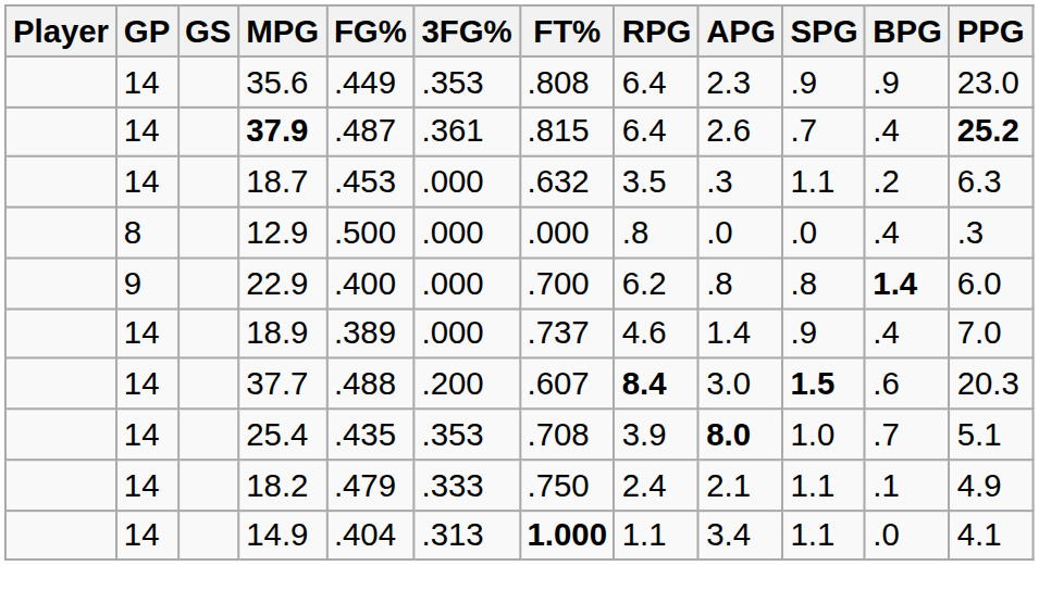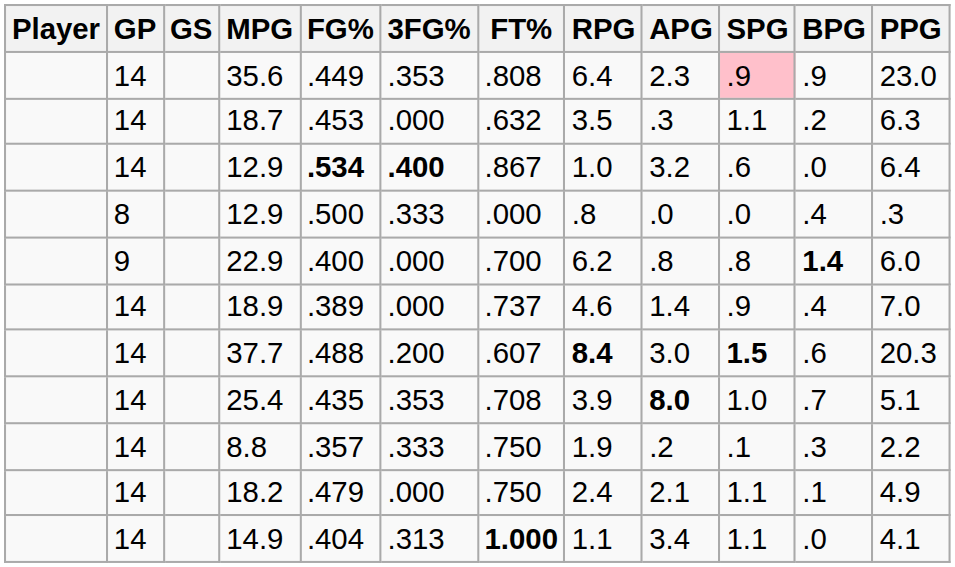 <table class="wikitable sortable" style="font-size: 90%">
 <tr>
 <th>Player</th>
 <th>GP</th>
 <th>GS</th>
 <th>MPG</th>
 <th>FG%</th>
 <th>3FG%</th>
 <th>FT%</th>
 <th>RPG</th>
 <th>APG</th>
 <th>SPG</th>
 <th>BPG</th>
 <th>PPG</th>
 </tr>
 <tr>
 <td></td>
 <td>14</td>
 <td></td>
 <td>35.6</td>
 <td>.449</td>
 <td>.353</td>
 <td>.808</td>
 <td>6.4</td>
 <td>2.3</td>
-<td>.9</td>
+<td style="background: pink;">.9</td>
 <td>.9</td>
 <td>23.0</td>
-</tr>
-<tr>
-<td></td>
-<td>14</td>
-<td></td>
-<td><strong>37.9</strong></td>
-<td>.487</td>
-<td>.361</td>
-<td>.815</td>
-<td>6.4</td>
-<td>2.6</td>
-<td>.7</td>
-<td>.4</td>
-<td><strong>25.2</strong></td>
 </tr>
 <tr>
 <td></td>
 <td>14</td>
 <td></td>
 <td>18.7</td>
 <td>.453</td>
 <td>.000</td>
 <td>.632</td>
 <td>3.5</td>
 <td>.3</td>
 <td>1.1</td>
 <td>.2</td>
 <td>6.3</td>
 </tr>
 <tr>
 <td></td>
+<td>14</td>
+<td></td>
+<td>12.9</td>
+<td><strong>.534</strong></td>
+<td><strong>.400</strong></td>
+<td>.867</td>
+<td>1.0</td>
+<td>3.2</td>
+<td>.6</td>
+<td>.0</td>
+<td>6.4</td>
+</tr>
+<tr>
+<td></td>
 <td>8</td>
 <td></td>
 <td>12.9</td>
 <td>.500</td>
-<td>.000</td>
+<td>.333</td>
 <td>.000</td>
 <td>.8</td>
 <td>.0</td>
 <td>.0</td>
 <td>.4</td>
 <td>.3</td>
 </tr>
 <tr>
 <td></td>
 <td>9</td>
 <td></td>
 <td>22.9</td>
 <td>.400</td>
 <td>.000</td>
 <td>.700</td>
 <td>6.2</td>
 <td>.8</td>
 <td>.8</td>
 <td><strong>1.4</strong></td>
 <td>6.0</td>
 </tr>
 <tr>
 <td></td>
 <td>14</td>
 <td></td>
 <td>18.9</td>
 <td>.389</td>
 <td>.000</td>
 <td>.737</td>
 <td>4.6</td>
 <td>1.4</td>
 <td>.9</td>
 <td>.4</td>
 <td>7.0</td>
 </tr>
 <tr>
 <td></td>
 <td>14</td>
 <td></td>
 <td>37.7</td>
 <td>.488</td>
 <td>.200</td>
 <td>.607</td>
 <td><strong>8.4</strong></td>
 <td>3.0</td>
 <td><strong>1.5</strong></td>
 <td>.6</td>
 <td>20.3</td>
 </tr>
 <tr>
 <td></td>
 <td>14</td>
 <td></td>
 <td>25.4</td>
 <td>.435</td>
 <td>.353</td>
 <td>.708</td>
 <td>3.9</td>
 <td><strong>8.0</strong></td>
 <td>1.0</td>
 <td>.7</td>
 <td>5.1</td>
 </tr>
 <tr>
 <td></td>
 <td>14</td>
 <td></td>
+<td>8.8</td>
+<td>.357</td>
+<td>.333</td>
+<td>.750</td>
+<td>1.9</td>
+<td>.2</td>
+<td>.1</td>
+<td>.3</td>
+<td>2.2</td>
+</tr>
+<tr>
+<td></td>
+<td>14</td>
+<td></td>
 <td>18.2</td>
 <td>.479</td>
-<td>.333</td>
+<td>.000</td>
 <td>.750</td>
 <td>2.4</td>
 <td>2.1</td>
 <td>1.1</td>
 <td>.1</td>
 <td>4.9</td>
 </tr>
 <tr>
 <td></td>
 <td>14</td>
 <td></td>
 <td>14.9</td>
 <td>.404</td>
 <td>.313</td>
 <td><strong>1.000</strong></td>
 <td>1.1</td>
 <td>3.4</td>
 <td>1.1</td>
 <td>.0</td>
 <td>4.1</td>
 </tr>
 </table>
